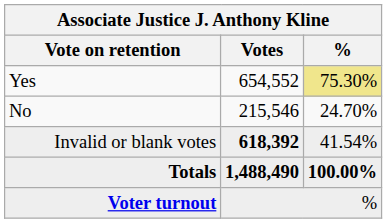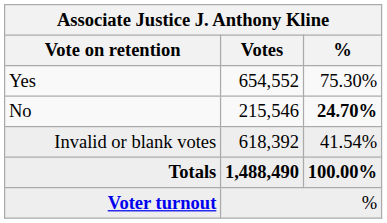 <table class="wikitable" style="font-size: 95%;">
 <tr style="background-color:#E9E9E9">
 <th colspan=7>Associate Justice J. Anthony Kline</th>
 </tr>
 <tr style="background-color:#E9E9E9">
 <th style="width: 170px">Vote on retention</th>
 <th style="width: 50px">Votes</th>
 <th style="width: 40px">%</th>
 </tr>
 <tr>
 <td>Yes</td>
 <td align="right">654,552</td>
-<td align="right" style="background: khaki;">75.30%</td>
+<td align="right">75.30%</td>
 </tr>
 <tr>
 <td>No</td>
 <td align="right">215,546</td>
-<td align="right">24.70%</td>
+<td align="right"><strong>24.70%</strong></td>
 </tr>
 <tr bgcolor="#EEEEEE">
 <td align="right">Invalid or blank votes</td>
-<td align="right"><strong>618,392</strong></td>
+<td align="right">618,392</td>
 <td align="right">41.54%</td>
 </tr>
 <tr bgcolor="#EEEEEE">
 <td align="right"><strong>Totals</strong></td>
 <td align="right"><strong>1,488,490</strong></td>
 <td align="right"><strong>100.00%</strong></td>
 </tr>
 <tr bgcolor="#EEEEEE">
 <td align="right"><strong><a href='#'>Voter turnout</a></strong></td>
 <td colspan="2" align="right">%</td>
 </tr>
 </table>
